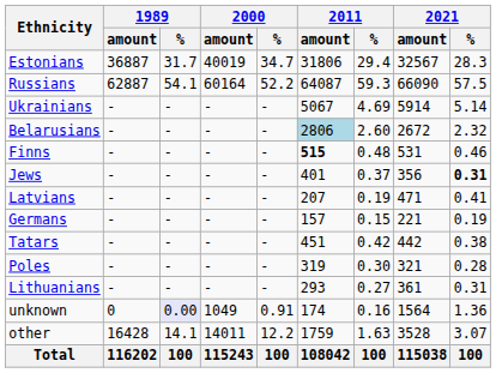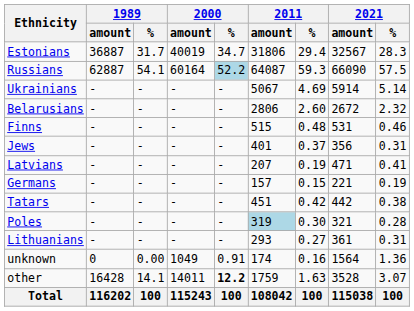 <table class="wikitable sortable mw-collapsible">
 <tr>
 <th rowspan="2">Ethnicity</th>
 <th colspan="2"><a href='#'>1989</a></th>
 <th colspan="2"><a href='#'>2000</a></th>
 <th colspan="2"><a href='#'>2011</a></th>
 <th colspan="2"><a href='#'>2021</a></th>
 </tr>
 <tr>
 <th>amount</th>
 <th>%</th>
 <th>amount</th>
 <th>%</th>
 <th>amount</th>
 <th>%</th>
 <th>amount</th>
 <th>%</th>
 </tr>
 <tr>
 <td><a href='#'>Estonians</a></td>
 <td>36887</td>
 <td>31.7</td>
 <td>40019</td>
 <td>34.7</td>
 <td>31806</td>
 <td>29.4</td>
 <td>32567</td>
 <td>28.3</td>
 </tr>
 <tr>
 <td><a href='#'>Russians</a></td>
 <td>62887</td>
 <td>54.1</td>
 <td>60164</td>
-<td>52.2</td>
+<td style="background: lightblue;">52.2</td>
 <td>64087</td>
 <td>59.3</td>
 <td>66090</td>
 <td>57.5</td>
 </tr>
 <tr>
 <td><a href='#'>Ukrainians</a></td>
 <td>-</td>
 <td>-</td>
 <td>-</td>
 <td>-</td>
 <td>5067</td>
 <td>4.69</td>
 <td>5914</td>
 <td>5.14</td>
 </tr>
 <tr>
 <td><a href='#'>Belarusians</a></td>
 <td>-</td>
 <td>-</td>
 <td>-</td>
 <td>-</td>
-<td style="background: lightblue;">2806</td>
+<td>2806</td>
 <td>2.60</td>
 <td>2672</td>
 <td>2.32</td>
 </tr>
 <tr>
 <td><a href='#'>Finns</a></td>
 <td>-</td>
 <td>-</td>
 <td>-</td>
 <td>-</td>
-<td><strong>515</strong></td>
+<td>515</td>
 <td>0.48</td>
 <td>531</td>
 <td>0.46</td>
 </tr>
 <tr>
 <td><a href='#'>Jews</a></td>
 <td>-</td>
 <td>-</td>
 <td>-</td>
 <td>-</td>
 <td>401</td>
 <td>0.37</td>
 <td>356</td>
-<td><strong>0.31</strong></td>
+<td>0.31</td>
 </tr>
 <tr>
 <td><a href='#'>Latvians</a></td>
 <td>-</td>
 <td>-</td>
 <td>-</td>
 <td>-</td>
 <td>207</td>
 <td>0.19</td>
 <td>471</td>
 <td>0.41</td>
 </tr>
 <tr>
 <td><a href='#'>Germans</a></td>
 <td>-</td>
 <td>-</td>
 <td>-</td>
 <td>-</td>
 <td>157</td>
 <td>0.15</td>
 <td>221</td>
 <td>0.19</td>
 </tr>
 <tr>
 <td><a href='#'>Tatars</a></td>
 <td>-</td>
 <td>-</td>
 <td>-</td>
 <td>-</td>
 <td>451</td>
 <td>0.42</td>
 <td>442</td>
 <td>0.38</td>
 </tr>
 <tr>
 <td><a href='#'>Poles</a></td>
 <td>-</td>
 <td>-</td>
 <td>-</td>
 <td>-</td>
-<td>319</td>
+<td style="background: lightblue;">319</td>
 <td>0.30</td>
 <td>321</td>
 <td>0.28</td>
 </tr>
 <tr>
 <td><a href='#'>Lithuanians</a></td>
 <td>-</td>
 <td>-</td>
 <td>-</td>
 <td>-</td>
 <td>293</td>
 <td>0.27</td>
 <td>361</td>
 <td>0.31</td>
 </tr>
 <tr>
 <td>unknown</td>
 <td>0</td>
-<td style="background: lavender;">0.00</td>
+<td>0.00</td>
 <td>1049</td>
 <td>0.91</td>
 <td>174</td>
 <td>0.16</td>
 <td>1564</td>
 <td>1.36</td>
 </tr>
 <tr>
 <td>other</td>
 <td>16428</td>
 <td>14.1</td>
 <td>14011</td>
-<td>12.2</td>
+<td><strong>12.2</strong></td>
 <td>1759</td>
 <td>1.63</td>
 <td>3528</td>
 <td>3.07</td>
 </tr>
 <tr>
 <th>Total</th>
 <th>116202</th>
 <th>100</th>
 <th>115243</th>
 <th>100</th>
 <th>108042</th>
 <th>100</th>
 <th>115038</th>
 <th>100</th>
 </tr>
 </table>
